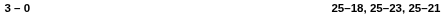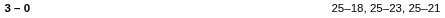 <table width=100% cellspacing=1>
 <tr>
 <th width=20%></th>
 <th width=12%></th>
 <th width=20%></th>
 <th width=33%></th>
 <td></td>
 </tr>
 <tr style=font-size:95%>
 <td align=right><strong></strong></td>
 <td align=center><strong>3 – 0</strong></td>
 <td></td>
-<td><strong>25–18, 25–23, 25–21</strong></td>
+<td>25–18, 25–23, 25–21</td>
 </tr>
 </table>
